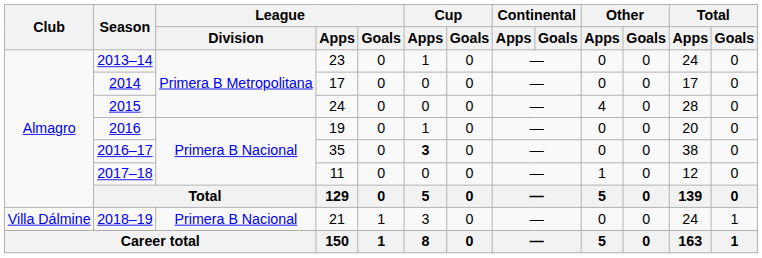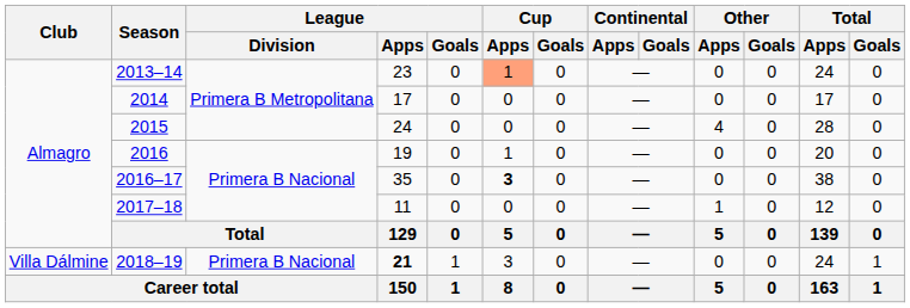 <table class="wikitable" style="text-align:center">
 <tr>
 <th rowspan="2">Club</th>
 <th rowspan="2">Season</th>
 <th colspan="3">League</th>
 <th colspan="2">Cup</th>
 <th colspan="2">Continental</th>
 <th colspan="2">Other</th>
 <th colspan="2">Total</th>
 </tr>
 <tr>
 <th>Division</th>
 <th>Apps</th>
 <th>Goals</th>
 <th>Apps</th>
 <th>Goals</th>
 <th>Apps</th>
 <th>Goals</th>
 <th>Apps</th>
 <th>Goals</th>
 <th>Apps</th>
 <th>Goals</th>
 </tr>
 <tr>
 <td rowspan="7"><a href='#'>Almagro</a></td>
 <td><a href='#'>2013–14</a></td>
 <td rowspan="3"><a href='#'>Primera B Metropolitana</a></td>
 <td>23</td>
 <td>0</td>
-<td>1</td>
+<td style="background: lightsalmon;">1</td>
 <td>0</td>
 <td colspan="2">—</td>
 <td>0</td>
 <td>0</td>
 <td>24</td>
 <td>0</td>
 </tr>
 <tr>
 <td><a href='#'>2014</a></td>
 <td>17</td>
 <td>0</td>
 <td>0</td>
 <td>0</td>
 <td colspan="2">—</td>
 <td>0</td>
 <td>0</td>
 <td>17</td>
 <td>0</td>
 </tr>
 <tr>
 <td><a href='#'>2015</a></td>
 <td>24</td>
 <td>0</td>
 <td>0</td>
 <td>0</td>
 <td colspan="2">—</td>
 <td>4</td>
 <td>0</td>
 <td>28</td>
 <td>0</td>
 </tr>
 <tr>
 <td><a href='#'>2016</a></td>
 <td rowspan="3"><a href='#'>Primera B Nacional</a></td>
 <td>19</td>
 <td>0</td>
 <td>1</td>
 <td>0</td>
 <td colspan="2">—</td>
 <td>0</td>
 <td>0</td>
 <td>20</td>
 <td>0</td>
 </tr>
 <tr>
 <td><a href='#'>2016–17</a></td>
 <td>35</td>
 <td>0</td>
 <td><strong>3</strong></td>
 <td>0</td>
 <td colspan="2">—</td>
 <td>0</td>
 <td>0</td>
 <td>38</td>
 <td>0</td>
 </tr>
 <tr>
 <td><a href='#'>2017–18</a></td>
 <td>11</td>
 <td>0</td>
 <td>0</td>
 <td>0</td>
 <td colspan="2">—</td>
 <td>1</td>
 <td>0</td>
 <td>12</td>
 <td>0</td>
 </tr>
 <tr>
 <th colspan="2">Total</th>
 <th>129</th>
 <th>0</th>
 <th>5</th>
 <th>0</th>
 <th colspan="2">—</th>
 <th>5</th>
 <th>0</th>
 <th>139</th>
 <th>0</th>
 </tr>
 <tr>
 <td rowspan="1"><a href='#'>Villa Dálmine</a></td>
 <td><a href='#'>2018–19</a></td>
 <td rowspan="1"><a href='#'>Primera B Nacional</a></td>
-<td>21</td>
+<td><strong>21</strong></td>
 <td>1</td>
 <td>3</td>
 <td>0</td>
 <td colspan="2">—</td>
 <td>0</td>
 <td>0</td>
 <td>24</td>
 <td>1</td>
 </tr>
 <tr>
 <th colspan="3">Career total</th>
 <th>150</th>
 <th>1</th>
 <th>8</th>
 <th>0</th>
 <th colspan="2">—</th>
 <th>5</th>
 <th>0</th>
 <th>163</th>
 <th>1</th>
 </tr>
 </table>
